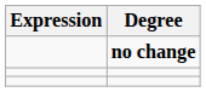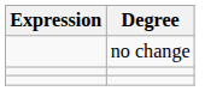 <table class="wikitable" style="text-align: center;">
 <tr>
 <th>Expression</th>
 <th>Degree</th>
 </tr>
 <tr>
 <td></td>
-<td><strong>no change</strong></td>
+<td>no change</td>
 </tr>
 <tr>
 <td></td>
 <td></td>
 </tr>
 <tr>
 <td></td>
 <td></td>
 </tr>
 </table>
